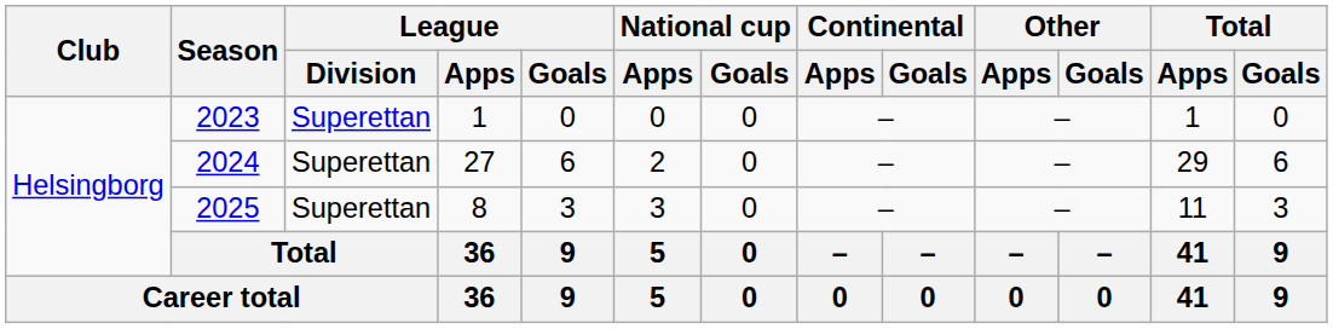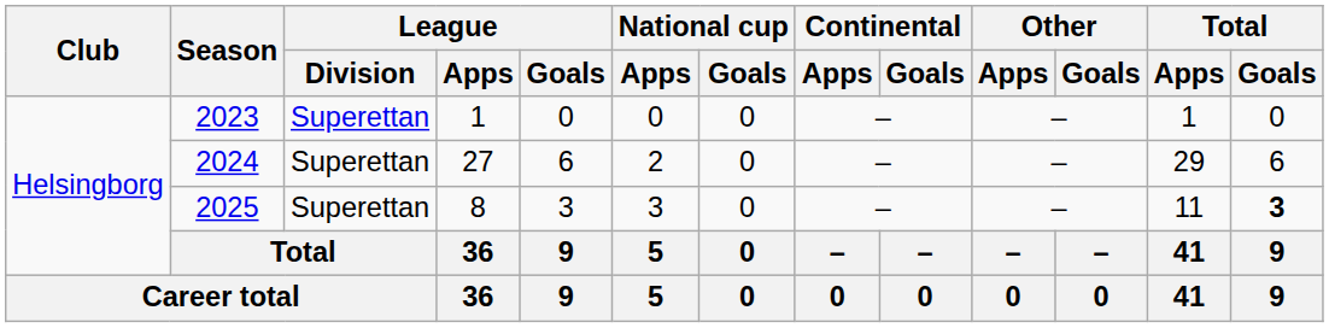 <table class="wikitable" style="text-align:center">
 <tr>
 <th rowspan="2">Club</th>
 <th rowspan="2">Season</th>
 <th colspan="3">League</th>
 <th colspan="2">National cup</th>
 <th colspan="2">Continental</th>
 <th colspan="2">Other</th>
 <th colspan="2">Total</th>
 </tr>
 <tr>
 <th>Division</th>
 <th>Apps</th>
 <th>Goals</th>
 <th>Apps</th>
 <th>Goals</th>
 <th>Apps</th>
 <th>Goals</th>
 <th>Apps</th>
 <th>Goals</th>
 <th>Apps</th>
 <th>Goals</th>
 </tr>
 <tr>
 <td rowspan="4"><a href='#'>Helsingborg</a></td>
 <td><a href='#'>2023</a></td>
 <td><a href='#'>Superettan</a></td>
 <td>1</td>
 <td>0</td>
 <td>0</td>
 <td>0</td>
 <td colspan="2">–</td>
 <td colspan="2">–</td>
 <td>1</td>
 <td>0</td>
 </tr>
 <tr>
 <td><a href='#'>2024</a></td>
 <td>Superettan</td>
 <td>27</td>
 <td>6</td>
 <td>2</td>
 <td>0</td>
 <td colspan="2">–</td>
 <td colspan="2">–</td>
 <td>29</td>
 <td>6</td>
 </tr>
 <tr>
 <td><a href='#'>2025</a></td>
 <td>Superettan</td>
 <td>8</td>
 <td>3</td>
 <td>3</td>
 <td>0</td>
 <td colspan="2">–</td>
 <td colspan="2">–</td>
 <td>11</td>
-<td>3</td>
+<td><strong>3</strong></td>
 </tr>
 <tr>
 <th colspan="2">Total</th>
 <th>36</th>
 <th>9</th>
 <th>5</th>
 <th>0</th>
 <th>–</th>
 <th>–</th>
 <th>–</th>
 <th>–</th>
 <th>41</th>
 <th>9</th>
 </tr>
 <tr>
 <th colspan="3">Career total</th>
 <th>36</th>
 <th>9</th>
 <th>5</th>
 <th>0</th>
 <th>0</th>
 <th>0</th>
 <th>0</th>
 <th>0</th>
 <th>41</th>
 <th>9</th>
 </tr>
 </table>
